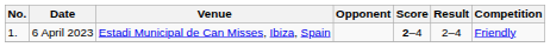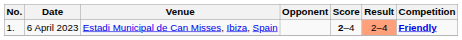 <table class="wikitable">
 <tr>
 <th>No.</th>
 <th>Date</th>
 <th>Venue</th>
 <th>Opponent</th>
 <th>Score</th>
 <th>Result</th>
 <th>Competition</th>
 </tr>
 <tr>
 <td>1.</td>
 <td>6 April 2023</td>
 <td><a href='#'>Estadi Municipal de Can Misses</a>, <a href='#'>Ibiza</a>, <a href='#'>Spain</a></td>
 <td></td>
 <td align=center><strong>2</strong>–4</td>
-<td align=center>2–4</td>
-<td><a href='#'>Friendly</a></td>
+<td align=center style="background: lightsalmon;">2–4</td>
+<td><strong><a href='#'>Friendly</a></strong></td>
 </tr>
 <tr>
 </tr>
 </table>
